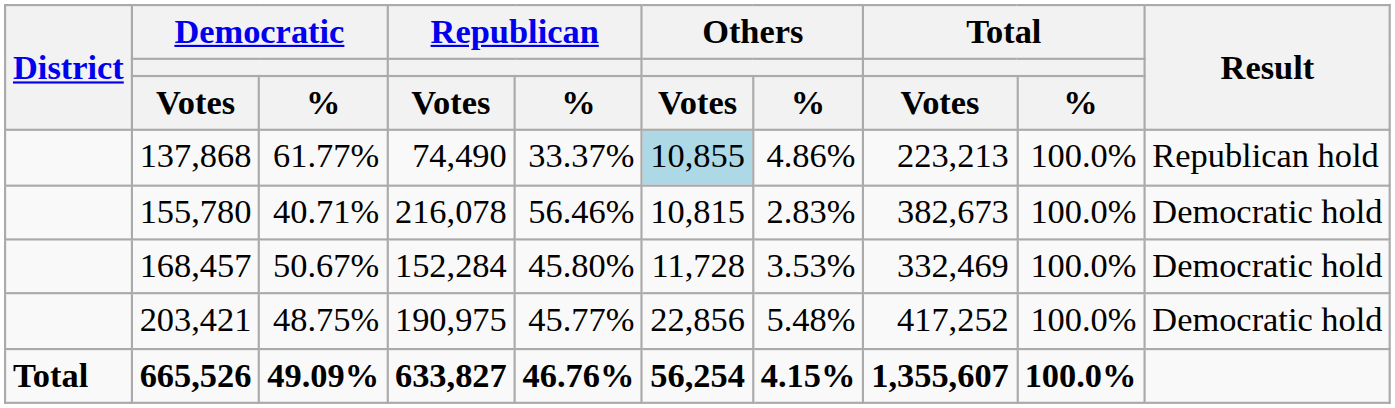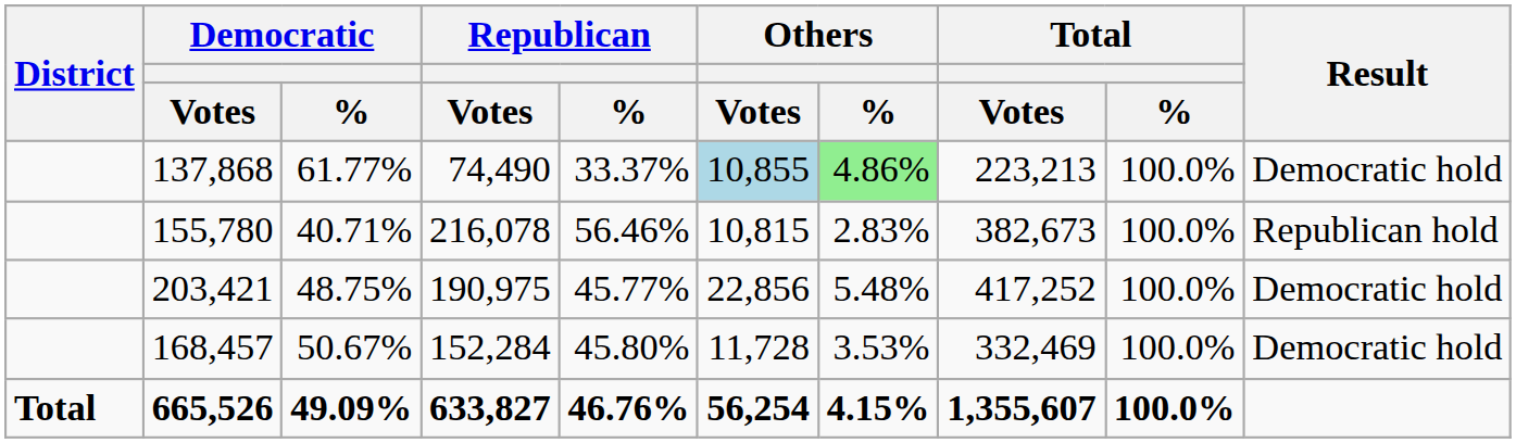 <table class="wikitable plainrowheaders sortable" style="font-size:100%; text-align:right;">
 <tr>
 <th scope=col rowspan=3><a href='#'>District</a></th>
 <th scope=col colspan=2><a href='#'>Democratic</a></th>
 <th scope=col colspan=2><a href='#'>Republican</a></th>
 <th scope=col colspan=2>Others</th>
 <th scope=col colspan=2>Total</th>
 <th scope=col rowspan=3>Result</th>
 </tr>
 <tr>
 <th scope=col colspan=2 style="background:"></th>
 <th scope=col colspan=2 style="background:"></th>
 <th scope=col colspan=2></th>
 <th scope=col colspan=2></th>
 </tr>
 <tr>
 <th scope=col data-sort-type="number">Votes</th>
 <th scope=col data-sort-type="number">%</th>
 <th scope=col data-sort-type="number">Votes</th>
 <th scope=col data-sort-type="number">%</th>
 <th scope=col data-sort-type="number">Votes</th>
 <th scope=col data-sort-type="number">%</th>
 <th scope=col data-sort-type="number">Votes</th>
 <th scope=col data-sort-type="number">%</th>
 </tr>
 <tr>
 <td align=left></td>
 <td>137,868</td>
 <td>61.77%</td>
 <td>74,490</td>
 <td>33.37%</td>
 <td style="background: lightblue;">10,855</td>
-<td>4.86%</td>
+<td style="background: lightgreen;">4.86%</td>
 <td>223,213</td>
 <td>100.0%</td>
-<td align=left>Republican hold</td>
+<td align=left>Democratic hold</td>
 </tr>
 <tr>
 <td align=left></td>
 <td>155,780</td>
 <td>40.71%</td>
 <td>216,078</td>
 <td>56.46%</td>
 <td>10,815</td>
 <td>2.83%</td>
 <td>382,673</td>
+<td>100.0%</td>
+<td align=left>Republican hold</td>
+</tr>
+<tr>
+<td align=left></td>
+<td>203,421</td>
+<td>48.75%</td>
+<td>190,975</td>
+<td>45.77%</td>
+<td>22,856</td>
+<td>5.48%</td>
+<td>417,252</td>
 <td>100.0%</td>
 <td align=left>Democratic hold</td>
 </tr>
 <tr>
 <td align=left></td>
 <td>168,457</td>
 <td>50.67%</td>
 <td>152,284</td>
 <td>45.80%</td>
 <td>11,728</td>
 <td>3.53%</td>
 <td>332,469</td>
-<td>100.0%</td>
-<td align=left>Democratic hold</td>
-</tr>
-<tr>
-<td align=left></td>
-<td>203,421</td>
-<td>48.75%</td>
-<td>190,975</td>
-<td>45.77%</td>
-<td>22,856</td>
-<td>5.48%</td>
-<td>417,252</td>
 <td>100.0%</td>
 <td align=left>Democratic hold</td>
 </tr>
 <tr class="sortbottom" style="font-weight:bold">
 <td align=left>Total</td>
 <td>665,526</td>
 <td>49.09%</td>
 <td>633,827</td>
 <td>46.76%</td>
 <td>56,254</td>
 <td>4.15%</td>
 <td>1,355,607</td>
 <td>100.0%</td>
 <td></td>
 </tr>
 </table>
